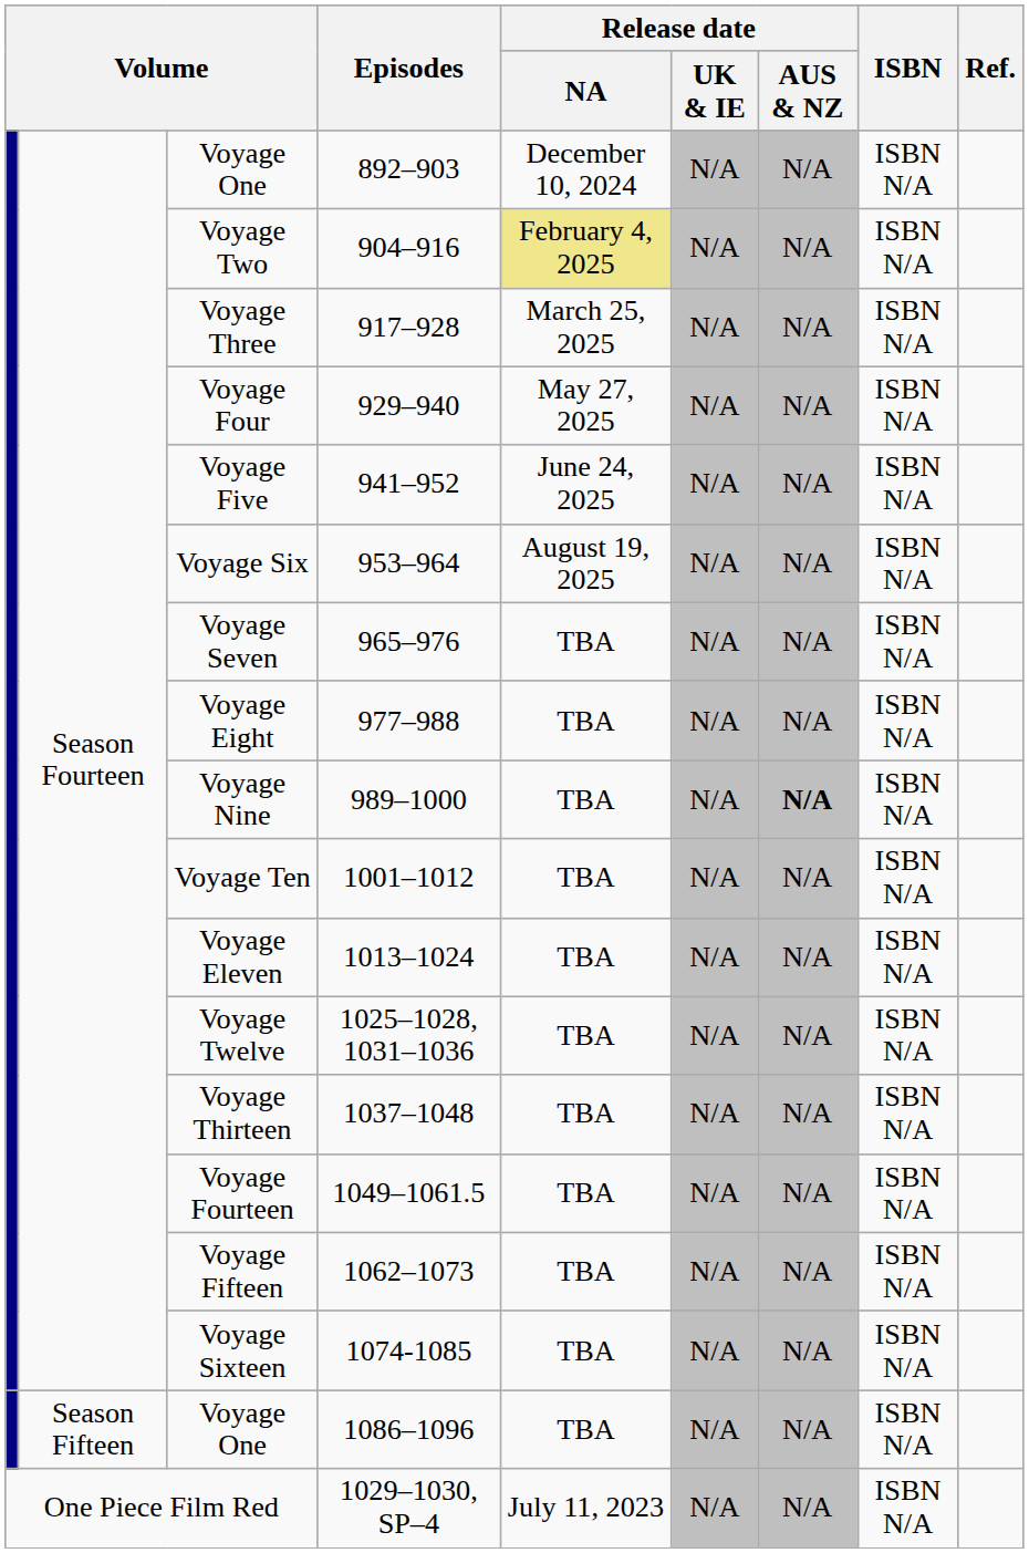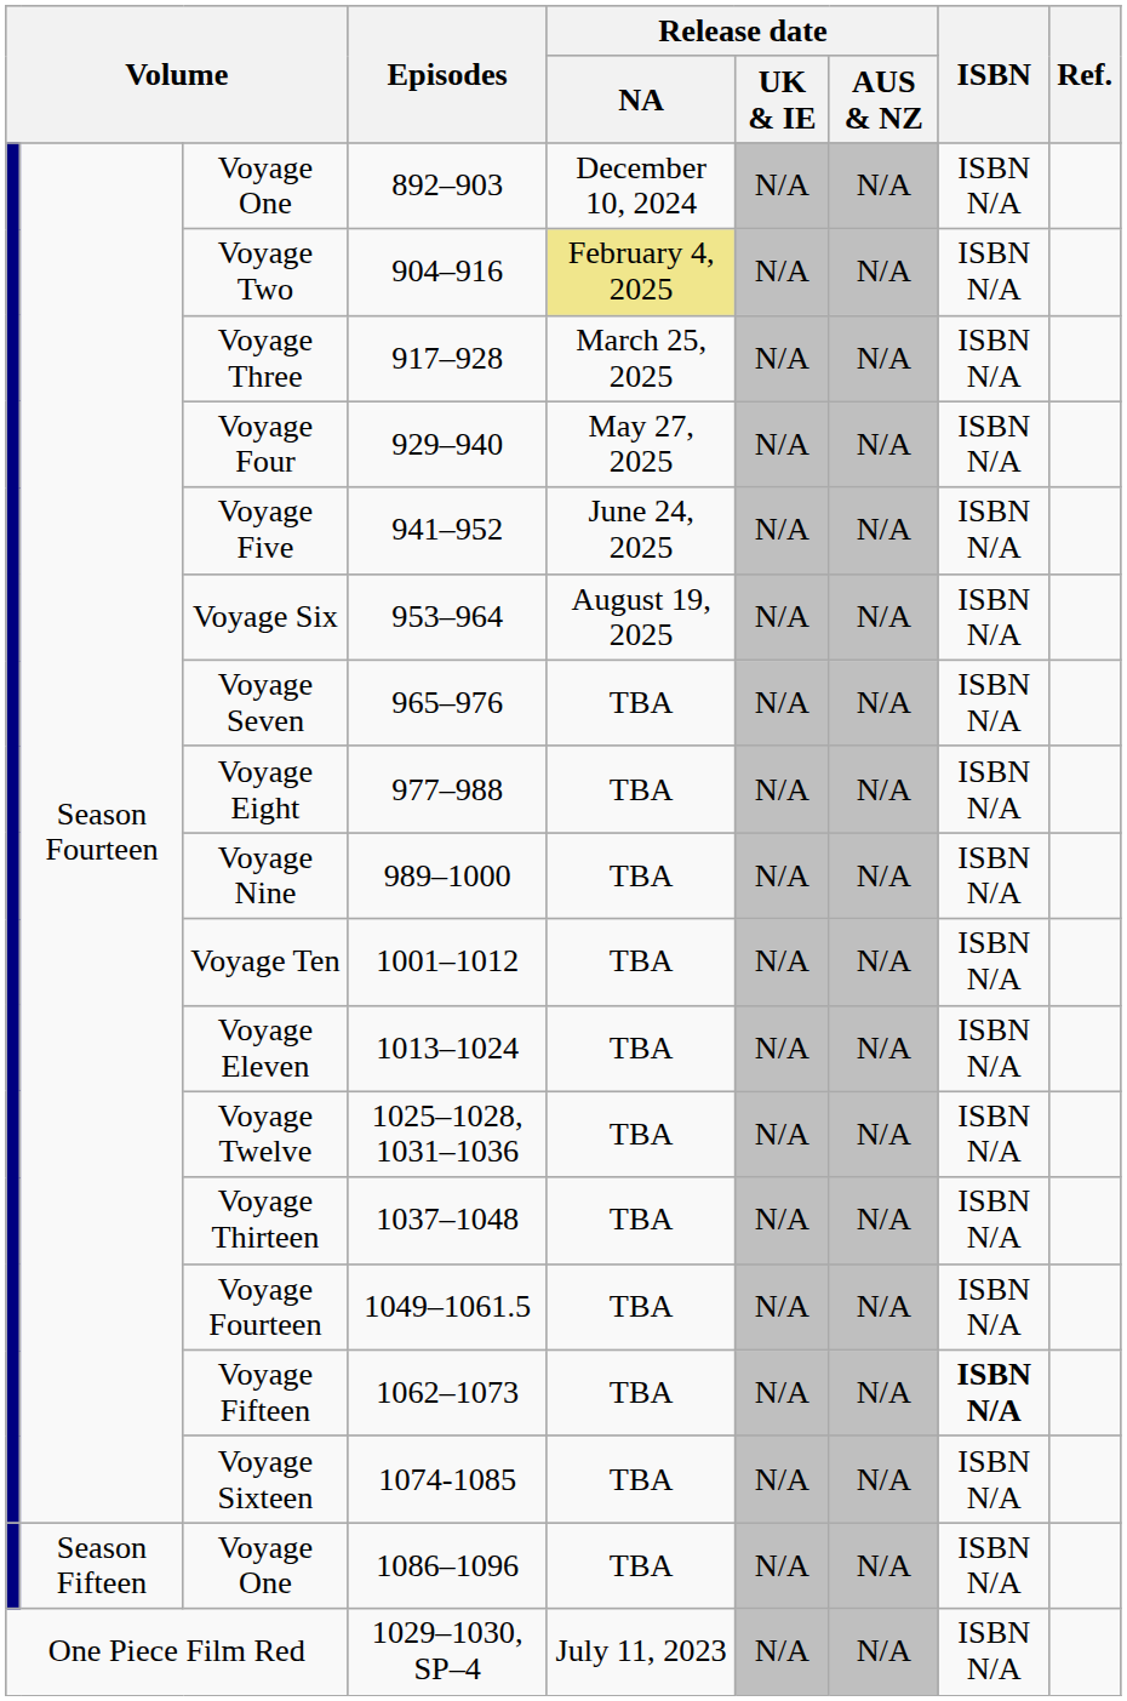 <table class="wikitable" style="text-align: center; width: 90%;">
 <tr>
 <th colspan="3" rowspan="2">Volume</th>
 <th rowspan="2">Episodes</th>
 <th colspan="3">Release date</th>
 <th rowspan="2">ISBN</th>
 <th rowspan="2" width="5%">Ref.</th>
 </tr>
 <tr>
 <th>NA</th>
 <th>UK & IE</th>
 <th>AUS & NZ</th>
 </tr>
 <tr>
 <td rowspan="16" style="width:1%; background:#000080;"></td>
 <td rowspan="16">Season Fourteen</td>
 <td>Voyage One</td>
 <td>892–903</td>
 <td>December 10, 2024</td>
 <td style="background:#BFBFBF;">N/A</td>
 <td style="background:#BFBFBF;">N/A</td>
 <td>ISBN N/A</td>
 <td></td>
 </tr>
 <tr>
 <td>Voyage Two</td>
 <td>904–916</td>
 <td style="background: khaki;">February 4, 2025</td>
 <td style="background:#BFBFBF;">N/A</td>
 <td style="background:#BFBFBF;">N/A</td>
 <td>ISBN N/A</td>
 <td></td>
 </tr>
 <tr>
 <td>Voyage Three</td>
 <td>917–928</td>
 <td>March 25, 2025</td>
 <td style="background:#BFBFBF;">N/A</td>
 <td style="background:#BFBFBF;">N/A</td>
 <td>ISBN N/A</td>
 <td></td>
 </tr>
 <tr>
 <td>Voyage Four</td>
 <td>929–940</td>
 <td>May 27, 2025</td>
 <td style="background:#BFBFBF;">N/A</td>
 <td style="background:#BFBFBF;">N/A</td>
 <td>ISBN N/A</td>
 <td></td>
 </tr>
 <tr>
 <td>Voyage Five</td>
 <td>941–952</td>
 <td>June 24, 2025</td>
 <td style="background:#BFBFBF;">N/A</td>
 <td style="background:#BFBFBF;">N/A</td>
 <td>ISBN N/A</td>
 <td></td>
 </tr>
 <tr>
 <td>Voyage Six</td>
 <td>953–964</td>
 <td>August 19, 2025</td>
 <td style="background:#BFBFBF;">N/A</td>
 <td style="background:#BFBFBF;">N/A</td>
 <td>ISBN N/A</td>
 <td></td>
 </tr>
 <tr>
 <td>Voyage Seven</td>
 <td>965–976</td>
 <td>TBA</td>
 <td style="background:#BFBFBF;">N/A</td>
 <td style="background:#BFBFBF;">N/A</td>
 <td>ISBN N/A</td>
 <td></td>
 </tr>
 <tr>
 <td>Voyage Eight</td>
 <td>977–988</td>
 <td>TBA</td>
 <td style="background:#BFBFBF;">N/A</td>
 <td style="background:#BFBFBF;">N/A</td>
 <td>ISBN N/A</td>
 <td></td>
 </tr>
 <tr>
 <td>Voyage Nine</td>
 <td>989–1000</td>
 <td>TBA</td>
 <td style="background:#BFBFBF;">N/A</td>
-<td style="background:#BFBFBF;"><strong>N/A</strong></td>
+<td style="background:#BFBFBF;">N/A</td>
 <td>ISBN N/A</td>
 <td></td>
 </tr>
 <tr>
 <td>Voyage Ten</td>
 <td>1001–1012</td>
 <td>TBA</td>
 <td style="background:#BFBFBF;">N/A</td>
 <td style="background:#BFBFBF;">N/A</td>
 <td>ISBN N/A</td>
 <td></td>
 </tr>
 <tr>
 <td>Voyage Eleven</td>
 <td>1013–1024</td>
 <td>TBA</td>
 <td style="background:#BFBFBF;">N/A</td>
 <td style="background:#BFBFBF;">N/A</td>
 <td>ISBN N/A</td>
 <td></td>
 </tr>
 <tr>
 <td>Voyage Twelve</td>
 <td>1025–1028, 1031–1036</td>
 <td>TBA</td>
 <td style="background:#BFBFBF;">N/A</td>
 <td style="background:#BFBFBF;">N/A</td>
 <td>ISBN N/A</td>
 <td></td>
 </tr>
 <tr>
 <td>Voyage Thirteen</td>
 <td>1037–1048</td>
 <td>TBA</td>
 <td style="background:#BFBFBF;">N/A</td>
 <td style="background:#BFBFBF;">N/A</td>
 <td>ISBN N/A</td>
 <td></td>
 </tr>
 <tr>
 <td>Voyage Fourteen</td>
 <td>1049–1061.5</td>
 <td>TBA</td>
 <td style="background:#BFBFBF;">N/A</td>
 <td style="background:#BFBFBF;">N/A</td>
 <td>ISBN N/A</td>
 <td></td>
 </tr>
 <tr>
 <td>Voyage Fifteen</td>
 <td>1062–1073</td>
 <td>TBA</td>
 <td style="background:#BFBFBF;">N/A</td>
 <td style="background:#BFBFBF;">N/A</td>
-<td>ISBN N/A</td>
+<td><strong>ISBN N/A</strong></td>
 <td></td>
 </tr>
 <tr>
 <td>Voyage Sixteen</td>
 <td>1074-1085</td>
 <td>TBA</td>
 <td style="background:#BFBFBF;">N/A</td>
 <td style="background:#BFBFBF;">N/A</td>
 <td>ISBN N/A</td>
 <td></td>
 </tr>
 <tr>
 <td rowspan="1" style="width:1%; background:#000080;"></td>
 <td rowspan="1">Season Fifteen</td>
 <td>Voyage One</td>
 <td>1086–1096</td>
 <td>TBA</td>
 <td style="background:#BFBFBF;">N/A</td>
 <td style="background:#BFBFBF;">N/A</td>
 <td>ISBN N/A</td>
 <td></td>
 </tr>
 <tr>
 <td colspan="3">One Piece Film Red</td>
 <td>1029–1030, SP–4</td>
 <td>July 11, 2023</td>
 <td style="background:#BFBFBF;">N/A</td>
 <td style="background:#BFBFBF;">N/A</td>
 <td>ISBN N/A</td>
 <td></td>
 </tr>
 </table>
